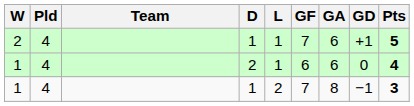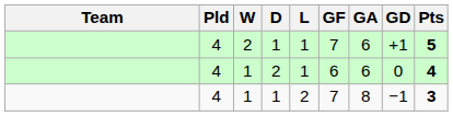 <table class="wikitable" style="text-align:center;">
 <tr>
+<th width=180>Team</th>
+<th width=20>Pld</th>
 <th width=20>W</th>
-<th width=20>Pld</th>
-<th width=180>Team</th>
 <th width=20>D</th>
 <th width=20>L</th>
 <th width=20>GF</th>
 <th width=20>GA</th>
 <th width=20>GD</th>
 <th width=20>Pts</th>
 </tr>
 <tr style="background:#cfc;">
+<td align="left"></td>
+<td>4</td>
 <td>2</td>
-<td>4</td>
-<td align="left"></td>
 <td>1</td>
 <td>1</td>
 <td>7</td>
 <td>6</td>
 <td>+1</td>
 <td><strong>5</strong></td>
 </tr>
 <tr style="background:#cfc;">
+<td align="left"></td>
+<td>4</td>
 <td>1</td>
-<td>4</td>
-<td align="left"></td>
 <td>2</td>
 <td>1</td>
 <td>6</td>
 <td>6</td>
 <td>0</td>
 <td><strong>4</strong></td>
 </tr>
 <tr>
+<td align="left"></td>
+<td>4</td>
 <td>1</td>
-<td>4</td>
-<td align="left"></td>
 <td>1</td>
 <td>2</td>
 <td>7</td>
 <td>8</td>
 <td>−1</td>
 <td><strong>3</strong></td>
 </tr>
 </table>
